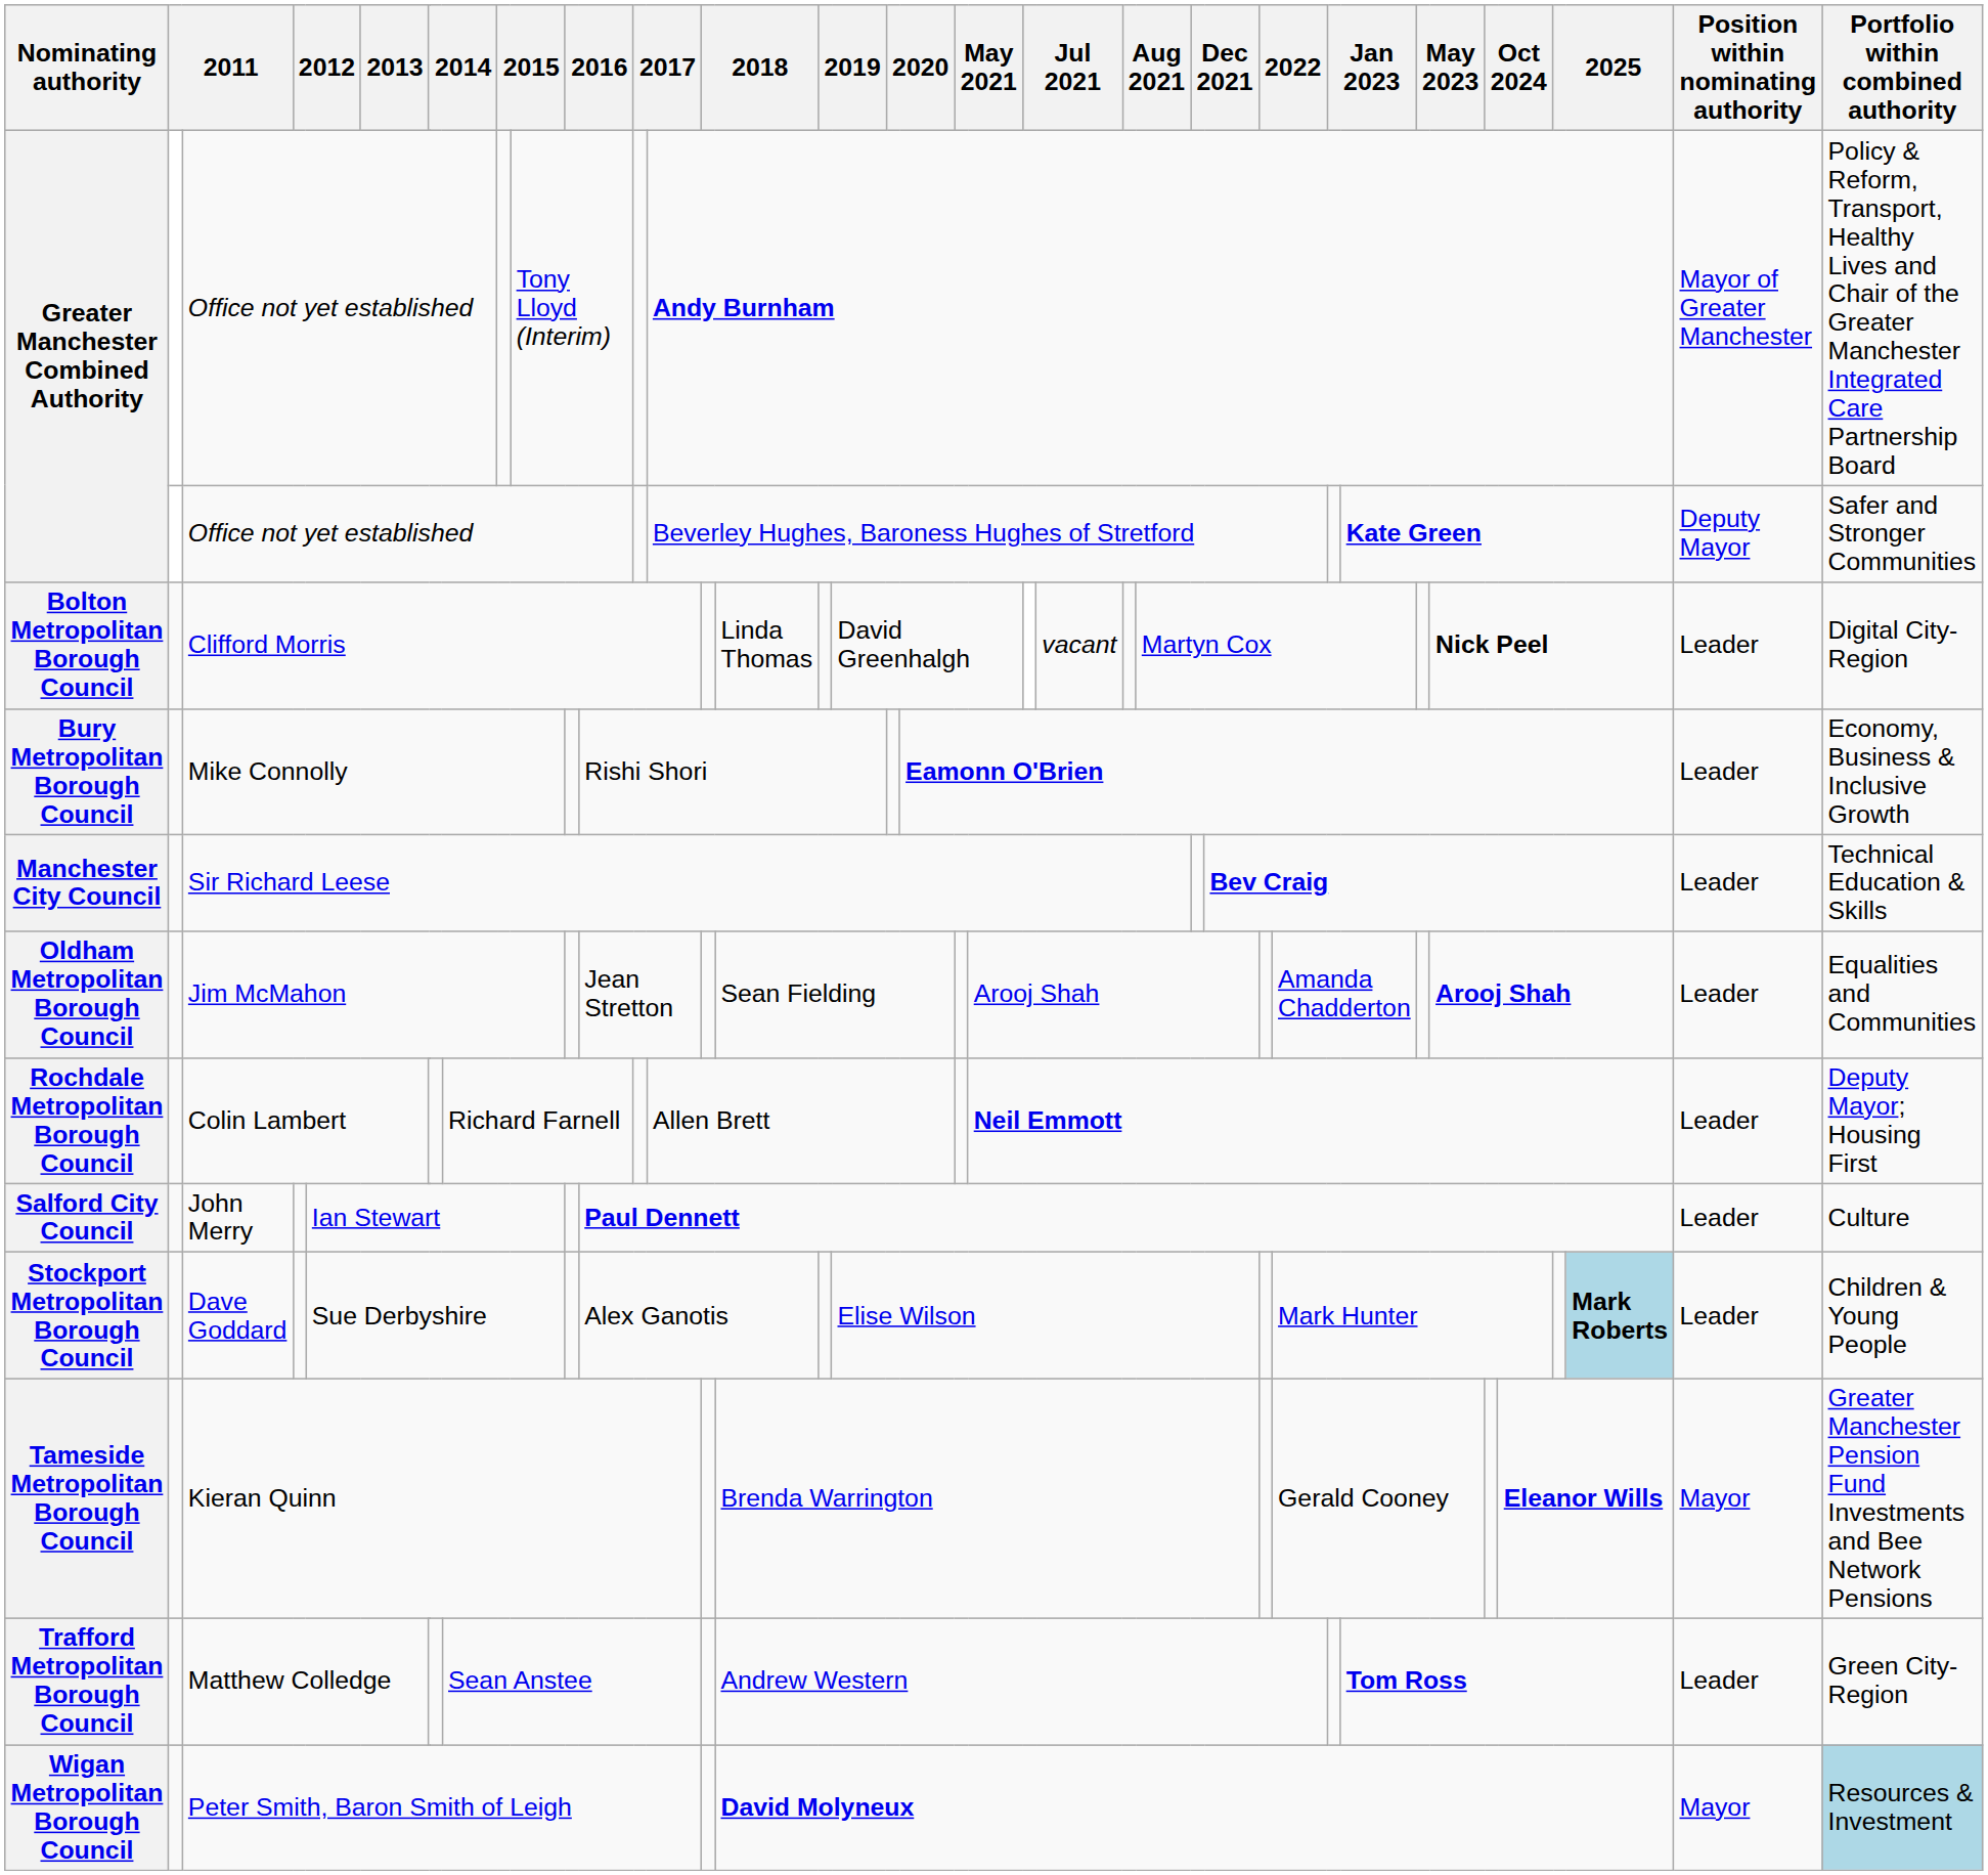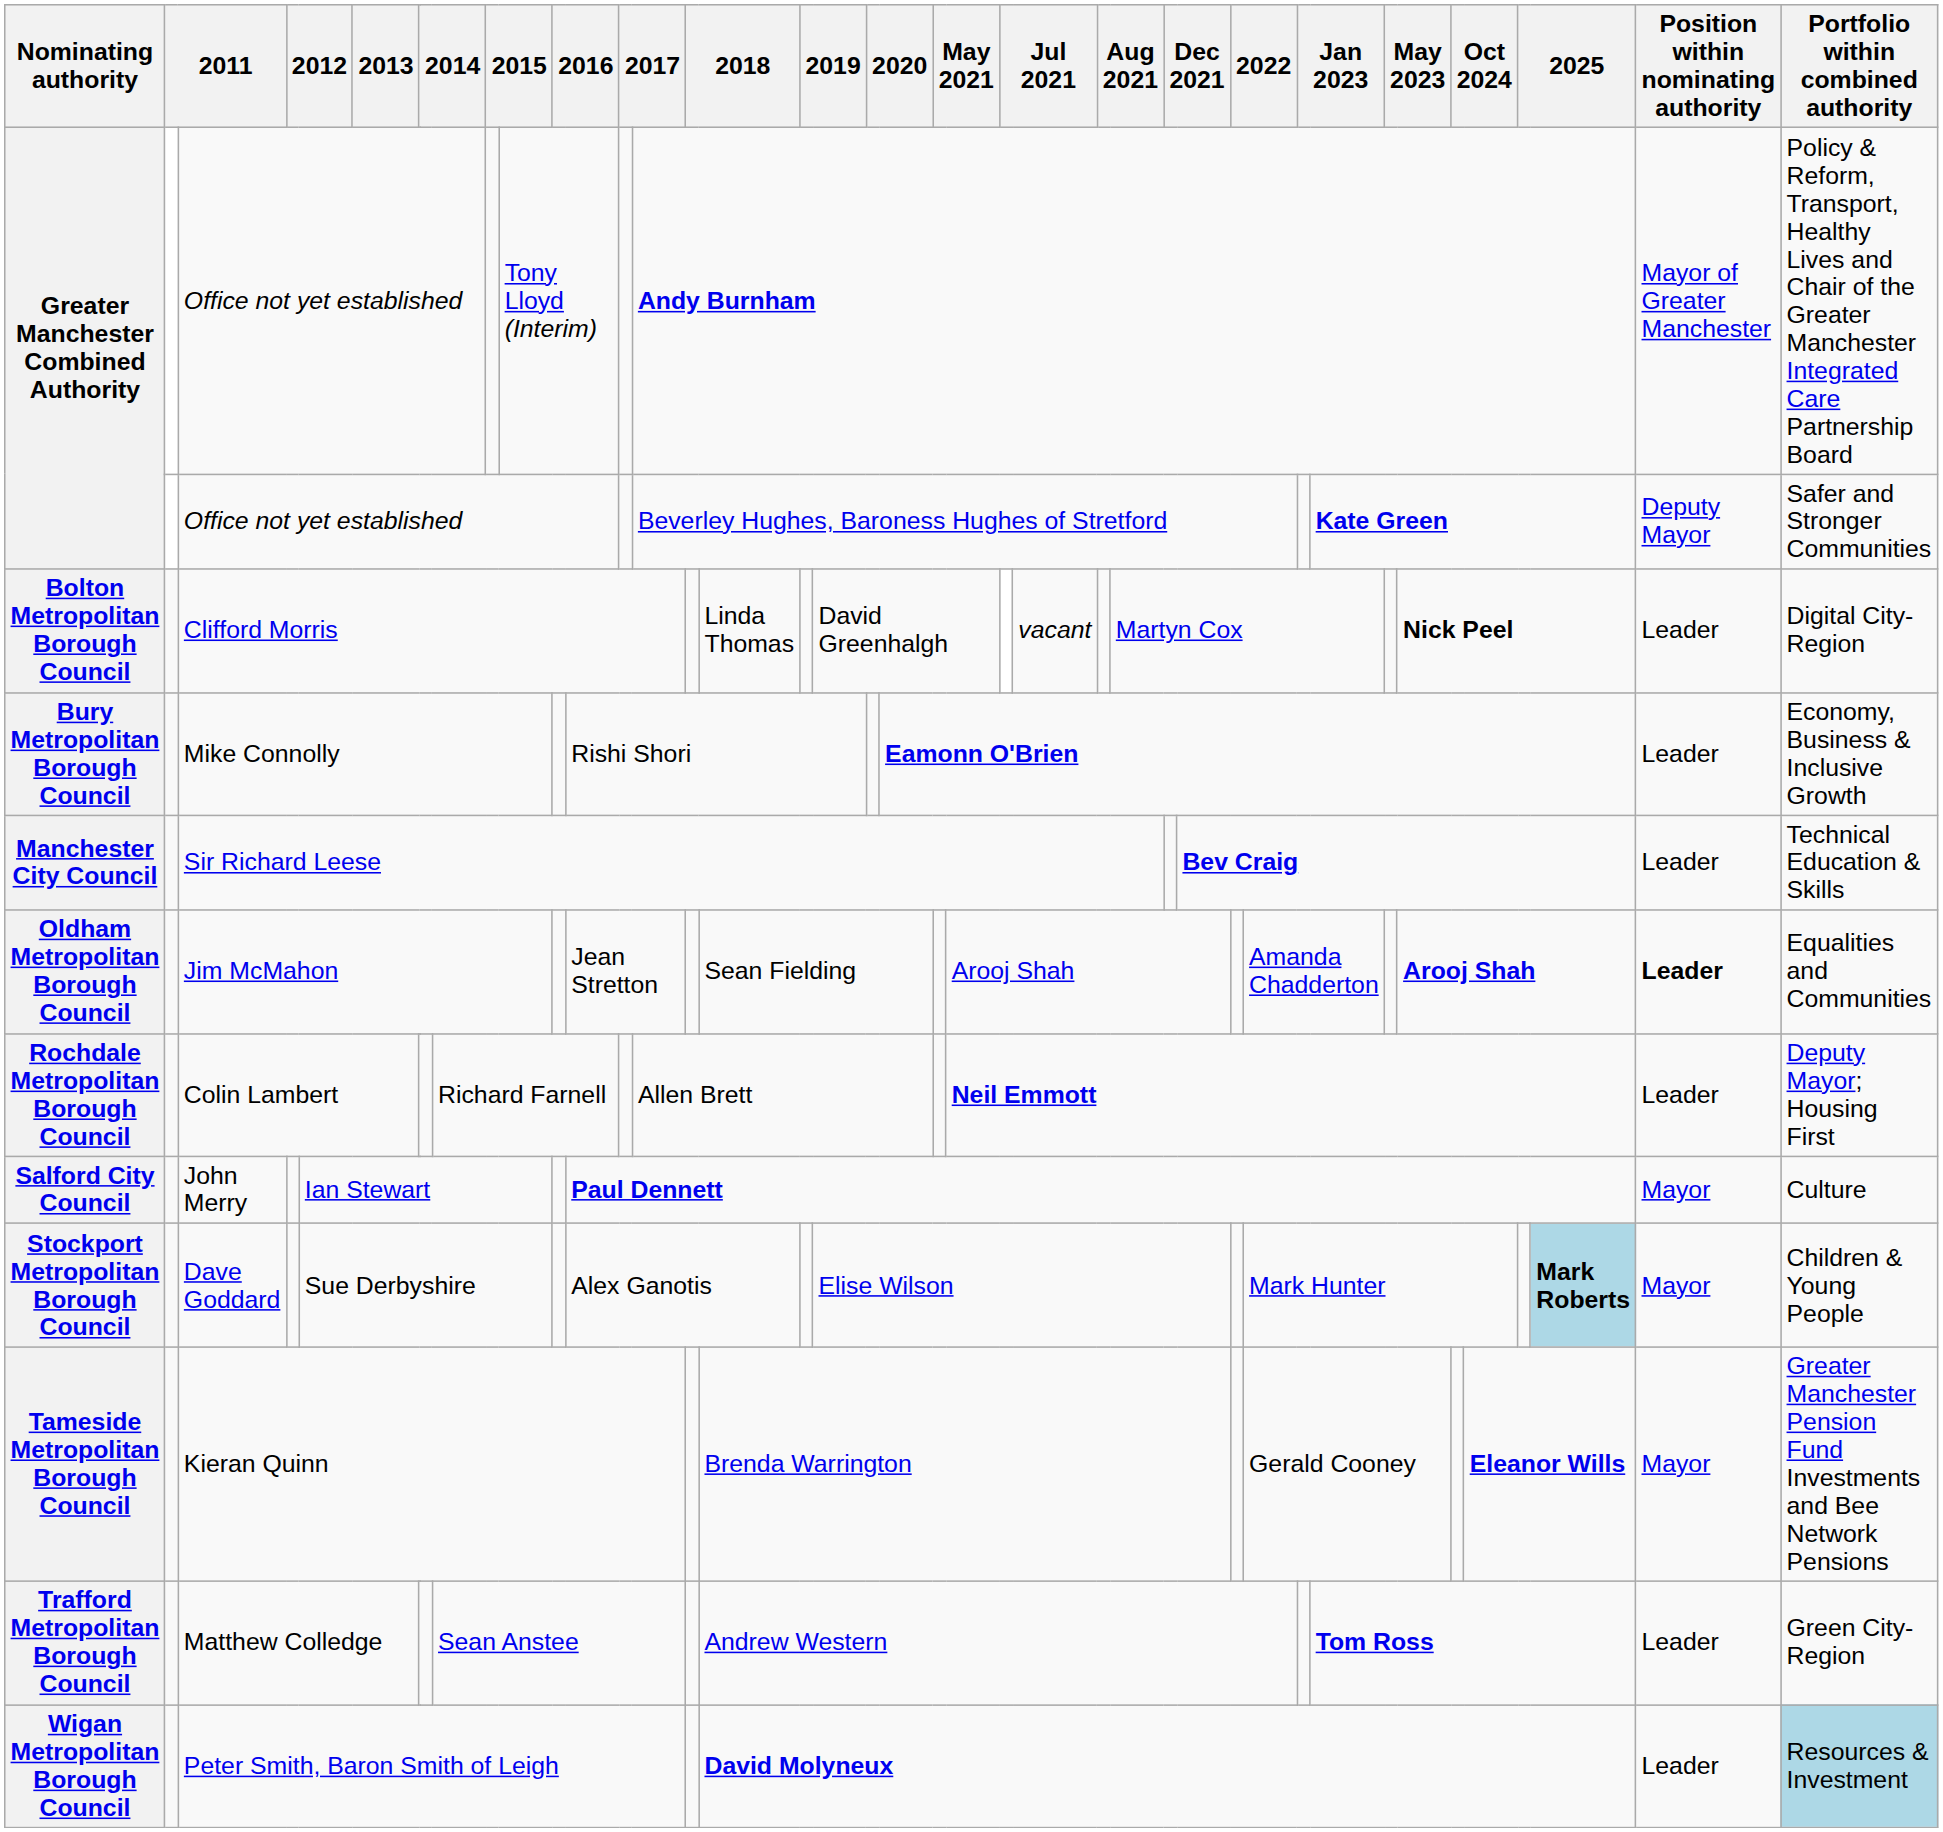 <table class="wikitable">
 <tr>
 <th>Nominating authority</th>
 <th colspan = 2>2011</th>
 <th colspan = 2>2012</th>
 <th colspan = 2>2013</th>
 <th colspan = 2>2014</th>
 <th colspan = 2>2015</th>
 <th colspan = 2>2016</th>
 <th colspan = 2>2017</th>
 <th colspan = 2>2018</th>
 <th colspan = 2>2019</th>
 <th colspan = 2>2020</th>
 <th colspan = 2>May 2021</th>
 <th colspan = 2>Jul 2021</th>
 <th colspan = 2>Aug 2021</th>
 <th colspan = 2>Dec 2021</th>
 <th colspan = 2>2022</th>
 <th colspan = 2>Jan 2023</th>
 <th colspan = 2>May 2023</th>
 <th colspan = 2>Oct 2024</th>
 <th colspan = 2>2025</th>
 <th width=60>Position within nominating authority</th>
 <th>Portfolio within combined authority</th>
 </tr>
 <tr>
 <th rowspan = 2>Greater Manchester Combined Authority</th>
 <td width=1px style="background-color: #FFFFFF"></td>
 <td colspan = 7><em>Office not yet established</em></td>
 <td width=1px style="background-color: "></td>
 <td colspan = 3><a href='#'>Tony Lloyd</a> <em>(Interim)</em></td>
 <td width=1px style="background-color: "></td>
 <td colspan = 25><strong><a href='#'>Andy Burnham</a></strong></td>
 <td><a href='#'>Mayor of Greater Manchester</a></td>
 <td>Policy & Reform, Transport, Healthy Lives and Chair of the Greater Manchester <a href='#'>Integrated Care</a> Partnership Board</td>
 </tr>
 <tr>
 <td width=1px style="background-color: #FFFFFF"></td>
 <td colspan = 11><em>Office not yet established</em></td>
 <td width=1px style="background-color: "></td>
 <td colspan = 17><a href='#'>Beverley Hughes,  Baroness Hughes of Stretford</a></td>
 <td width=1px style="background-color: "></td>
 <td colspan = 7><strong><a href='#'>Kate Green</a></strong></td>
 <td><a href='#'>Deputy Mayor</a></td>
 <td>Safer and Stronger Communities</td>
 </tr>
 <tr>
 <th><a href='#'>Bolton Metropolitan Borough Council</a></th>
 <td width=1px style="background-color: "></td>
 <td colspan = 13><a href='#'>Clifford Morris</a></td>
 <td width=1px style="background-color: "></td>
 <td>Linda Thomas</td>
 <td width=1px style="background-color: "></td>
 <td colspan = 5>David Greenhalgh</td>
 <td width=1px style="background-color: #FFFFFF"></td>
 <td colspan = 1><em>vacant</em></td>
 <td width=1px style="background-color: "></td>
 <td colspan = 7><a href='#'>Martyn Cox</a></td>
 <td width=1px style="background-color: "></td>
 <td colspan = 5><strong>Nick Peel</strong></td>
 <td>Leader</td>
 <td>Digital City-Region</td>
 </tr>
 <tr>
 <th><a href='#'>Bury Metropolitan Borough Council</a></th>
 <td width=1px style="background-color: "></td>
 <td colspan = 9>Mike Connolly</td>
 <td width=1px style="background-color: "></td>
 <td colspan = 7>Rishi Shori</td>
 <td width=1px style="background-color: "></td>
 <td colspan = 19><strong><a href='#'>Eamonn O'Brien</a></strong></td>
 <td>Leader</td>
 <td>Economy, Business & Inclusive Growth</td>
 </tr>
 <tr>
 <th><a href='#'>Manchester City Council</a></th>
 <td width=1px style="background-color: "></td>
 <td colspan = 25><a href='#'>Sir Richard Leese</a></td>
 <td width=1px style="background-color: "></td>
 <td colspan = 11><strong><a href='#'>Bev Craig</a></strong></td>
 <td>Leader</td>
 <td>Technical Education & Skills</td>
 </tr>
 <tr>
 <th><a href='#'>Oldham Metropolitan Borough Council</a></th>
 <td width=1px style="background-color: "></td>
 <td colspan = 9><a href='#'>Jim McMahon</a></td>
 <td width=1px style="background-color: "></td>
 <td colspan= 3>Jean Stretton</td>
 <td width=1px style="background-color: "></td>
 <td colspan= 5>Sean Fielding</td>
 <td width=1px style="background-color: "></td>
 <td colspan= 7><a href='#'>Arooj Shah</a></td>
 <td width=1px style="background-color: "></td>
 <td colspan= 3><a href='#'>Amanda Chadderton</a></td>
 <td width=1px style="background-color: "></td>
 <td colspan= 5><strong><a href='#'>Arooj Shah</a></strong></td>
-<td>Leader</td>
+<td><strong>Leader</strong></td>
 <td>Equalities and Communities</td>
 </tr>
 <tr>
 <th><a href='#'>Rochdale Metropolitan Borough Council</a></th>
 <td width=1px style="background-color: "></td>
 <td colspan = 5>Colin Lambert</td>
 <td width=1px style="background-color: "></td>
 <td colspan = 5>Richard Farnell</td>
 <td width=1px style="background-color: "></td>
 <td colspan = 7>Allen Brett</td>
 <td width=1px style="background-color: "></td>
 <td colspan = 17><strong><a href='#'>Neil Emmott</a></strong></td>
 <td>Leader</td>
 <td><a href='#'>Deputy Mayor</a>; Housing First</td>
 </tr>
 <tr>
 <th><a href='#'>Salford City Council</a></th>
 <td width=1px style="background-color: "></td>
 <td colspan = 1>John Merry</td>
 <td width=1px style="background-color: "></td>
 <td colspan = 7><a href='#'>Ian Stewart</a></td>
 <td width=1px style="background-color: "></td>
 <td colspan = 27><strong><a href='#'>Paul Dennett</a></strong></td>
-<td>Leader</td>
+<td><a href='#'>Mayor</a></td>
 <td>Culture</td>
 </tr>
 <tr>
 <th><a href='#'>Stockport Metropolitan Borough Council</a></th>
 <td width=1px style="background-color: "></td>
 <td colspan = 1><a href='#'>Dave Goddard</a></td>
 <td width=1px style="background-color: "></td>
 <td colspan = 7>Sue Derbyshire</td>
 <td width=1px style="background-color: "></td>
 <td colspan = 5>Alex Ganotis</td>
 <td width=1px style="background-color: "></td>
 <td colspan = 11><a href='#'>Elise Wilson</a></td>
 <td width=1px style="background-color: "></td>
 <td colspan = 7><a href='#'>Mark Hunter</a></td>
 <td width=1px style="background-color: "></td>
 <td colspan = 1 style="background: lightblue;"><strong>Mark Roberts</strong></td>
-<td>Leader</td>
+<td><a href='#'>Mayor</a></td>
 <td>Children & Young People</td>
 </tr>
 <tr>
 <th><a href='#'>Tameside Metropolitan Borough Council</a></th>
 <td width=1px style="background-color: "></td>
 <td colspan = 13>Kieran Quinn</td>
 <td width=1px style="background-color: "></td>
 <td colspan = 13><a href='#'>Brenda Warrington</a></td>
 <td width=1px style="background-color: "></td>
 <td colspan = 5>Gerald Cooney</td>
 <td width=1px style="background-color: "></td>
 <td colspan = 3><strong><a href='#'>Eleanor Wills</a></strong></td>
 <td><a href='#'>Mayor</a></td>
 <td><a href='#'>Greater Manchester Pension Fund</a> Investments and Bee Network Pensions</td>
 </tr>
 <tr>
 <th><a href='#'>Trafford Metropolitan Borough Council</a></th>
 <td width=1px style="background-color: "></td>
 <td colspan = 5>Matthew Colledge</td>
 <td width=1px style="background-color: "></td>
 <td colspan = 7><a href='#'>Sean Anstee</a></td>
 <td width=1px style="background-color: "></td>
 <td colspan = 15><a href='#'>Andrew Western</a></td>
 <td width=1px style="background-color: "></td>
 <td colspan = 7><strong><a href='#'>Tom Ross</a></strong></td>
 <td>Leader</td>
 <td>Green City-Region</td>
 </tr>
 <tr>
 <th><a href='#'>Wigan Metropolitan Borough Council</a></th>
 <td width=1px style="background-color: "></td>
 <td colspan = 13><a href='#'>Peter Smith, Baron Smith of Leigh</a></td>
 <td width=1px style="background-color: "></td>
 <td colspan= 23><strong><a href='#'>David Molyneux</a></strong></td>
-<td><a href='#'>Mayor</a></td>
+<td>Leader</td>
 <td style="background: lightblue;">Resources & Investment</td>
 </tr>
 </table>
